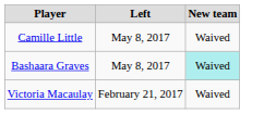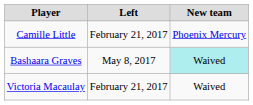 <table class="wikitable" style="text-align: center">
 <tr align="center"  bgcolor="#dddddd">
 <td><strong>Player</strong></td>
 <td><strong>Left</strong></td>
 <td><strong>New team</strong></td>
 </tr>
 <tr style="height:40px">
 <td><a href='#'>Camille Little</a></td>
-<td>May 8, 2017</td>
-<td>Waived</td>
+<td>February 21, 2017</td>
+<td><a href='#'>Phoenix Mercury</a></td>
 </tr>
 <tr style="height:40px">
 <td><a href='#'>Bashaara Graves</a></td>
 <td>May 8, 2017</td>
 <td style="background: paleturquoise;">Waived</td>
 </tr>
 <tr style="height:40px">
 <td><a href='#'>Victoria Macaulay</a></td>
 <td>February 21, 2017</td>
 <td>Waived</td>
 </tr>
 </table>
